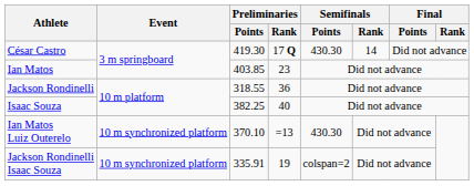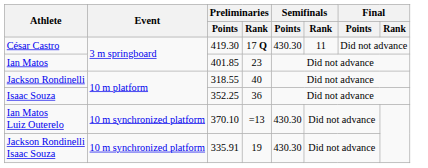 <table class=wikitable style="font-size:90%;">
 <tr>
 <th rowspan="2">Athlete</th>
 <th rowspan="2">Event</th>
 <th colspan="2">Preliminaries</th>
 <th colspan="2">Semifinals</th>
 <th colspan="2">Final</th>
 </tr>
 <tr style="font-size:95%">
 <th>Points</th>
 <th>Rank</th>
 <th>Points</th>
 <th>Rank</th>
 <th>Points</th>
 <th>Rank</th>
 </tr>
 <tr align=center>
 <td align=left><a href='#'>César Castro</a></td>
 <td align=left rowspan=2><a href='#'>3 m springboard</a></td>
 <td>419.30</td>
 <td>17 <strong>Q</strong></td>
 <td>430.30</td>
-<td>14</td>
+<td>11</td>
 <td colspan=2>Did not advance</td>
 </tr>
 <tr align=center>
 <td align=left><a href='#'>Ian Matos</a></td>
-<td>403.85</td>
+<td>401.85</td>
 <td>23</td>
 <td colspan=4>Did not advance</td>
 </tr>
 <tr align=center>
 <td align=left><a href='#'>Jackson Rondinelli</a></td>
 <td align=left rowspan=2><a href='#'>10 m platform</a></td>
 <td>318.55</td>
-<td>36</td>
+<td>40</td>
 <td colspan=4>Did not advance</td>
 </tr>
 <tr align=center>
 <td align=left><a href='#'>Isaac Souza</a></td>
-<td>382.25</td>
-<td>40</td>
+<td>352.25</td>
+<td>36</td>
 <td colspan=4>Did not advance</td>
 </tr>
 <tr align=center>
 <td align=left><a href='#'>Ian Matos</a><br><a href='#'>Luiz Outerelo</a></td>
 <td align=left><a href='#'>10 m synchronized platform</a></td>
 <td>370.10</td>
 <td>=13</td>
 <td>430.30</td>
 <td colspan=2>Did not advance</td>
 </tr>
 <tr align=center>
 <td align=left><a href='#'>Jackson Rondinelli</a><br><a href='#'>Isaac Souza</a></td>
 <td align=left><a href='#'>10 m synchronized platform</a></td>
 <td>335.91</td>
 <td>19</td>
-<td>colspan=2 </td>
+<td>430.30</td>
 <td colspan=2>Did not advance</td>
 </tr>
 </table>
